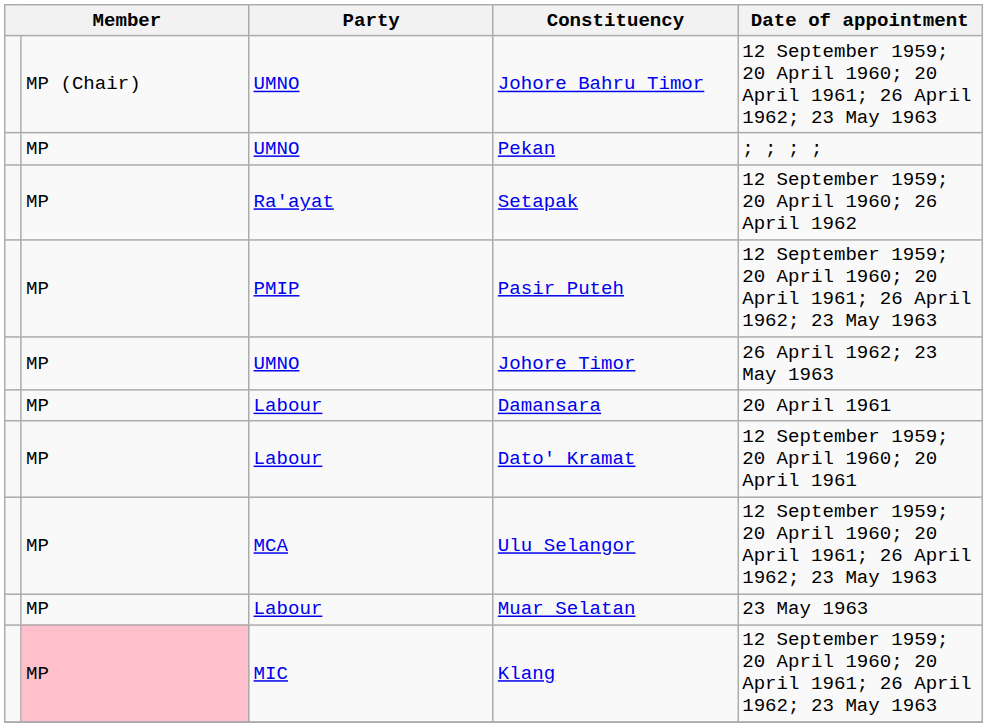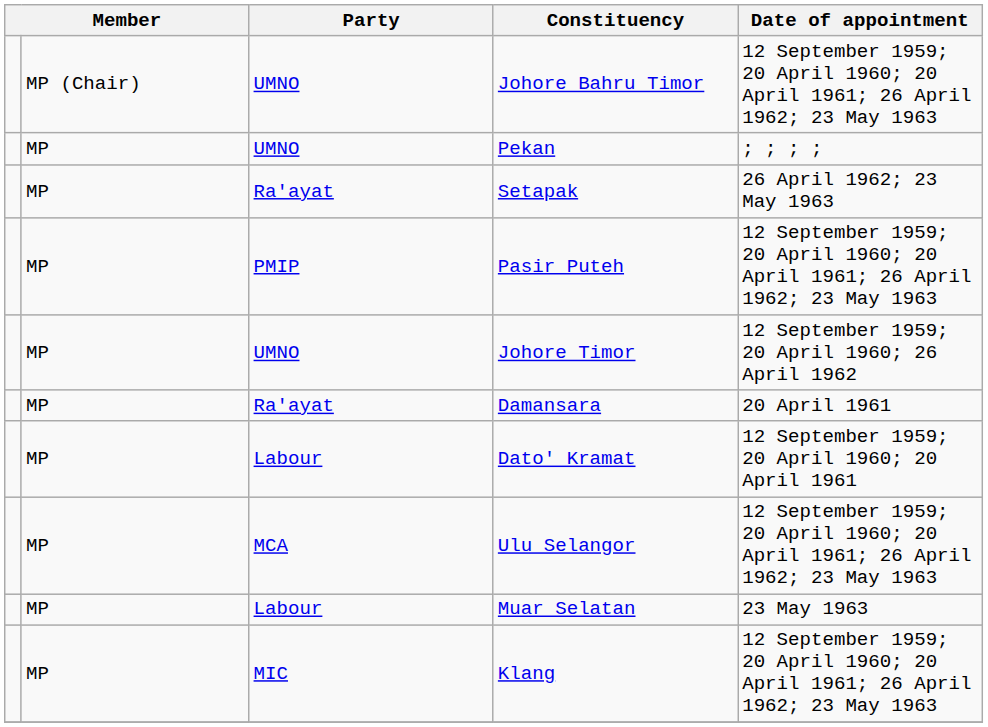 <table class="sortable wikitable">
 <tr>
 <th width="160px" colspan="2" valign="top">Member</th>
 <th width="160px" valign="top">Party</th>
 <th width="160px" valign="top">Constituency</th>
 <th width="160px" valign="top">Date of appointment</th>
 </tr>
 <tr>
 <td></td>
 <td> MP (Chair)</td>
 <td><a href='#'>UMNO</a></td>
 <td><a href='#'>Johore Bahru Timor</a></td>
 <td>12 September 1959; 20 April 1960; 20 April 1961; 26 April 1962; 23 May 1963</td>
 </tr>
 <tr>
 <td></td>
 <td> MP</td>
 <td><a href='#'>UMNO</a></td>
 <td><a href='#'>Pekan</a></td>
 <td>; ; ; ; </td>
 </tr>
 <tr>
 <td></td>
 <td> MP</td>
 <td><a href='#'>Ra'ayat</a></td>
 <td><a href='#'>Setapak</a></td>
-<td>12 September 1959; 20 April 1960; 26 April 1962</td>
+<td>26 April 1962; 23 May 1963</td>
 </tr>
 <tr>
 <td></td>
 <td> MP</td>
 <td><a href='#'>PMIP</a></td>
 <td><a href='#'>Pasir Puteh</a></td>
 <td>12 September 1959; 20 April 1960; 20 April 1961; 26 April 1962; 23 May 1963</td>
 </tr>
 <tr>
 <td></td>
 <td> MP</td>
 <td><a href='#'>UMNO</a></td>
 <td><a href='#'>Johore Timor</a></td>
-<td>26 April 1962; 23 May 1963</td>
+<td>12 September 1959; 20 April 1960; 26 April 1962</td>
 </tr>
 <tr>
 <td></td>
 <td> MP</td>
-<td><a href='#'>Labour</a></td>
+<td><a href='#'>Ra'ayat</a></td>
 <td><a href='#'>Damansara</a></td>
 <td>20 April 1961</td>
 </tr>
 <tr>
 <td></td>
 <td> MP</td>
 <td><a href='#'>Labour</a></td>
 <td><a href='#'>Dato' Kramat</a></td>
 <td>12 September 1959; 20 April 1960; 20 April 1961</td>
 </tr>
 <tr>
 <td></td>
 <td> MP</td>
 <td><a href='#'>MCA</a></td>
 <td><a href='#'>Ulu Selangor</a></td>
 <td>12 September 1959; 20 April 1960; 20 April 1961; 26 April 1962; 23 May 1963</td>
 </tr>
 <tr>
 <td></td>
 <td> MP</td>
 <td><a href='#'>Labour</a></td>
 <td><a href='#'>Muar Selatan</a></td>
 <td>23 May 1963</td>
 </tr>
 <tr>
 <td></td>
-<td style="background: pink;"> MP</td>
+<td> MP</td>
 <td><a href='#'>MIC</a></td>
 <td><a href='#'>Klang</a></td>
 <td>12 September 1959; 20 April 1960; 20 April 1961; 26 April 1962; 23 May 1963</td>
 </tr>
 <tr>
 </tr>
 </table>
